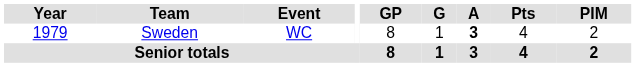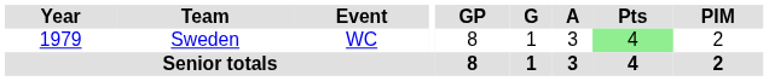 <table border="0" cellpadding="1" cellspacing="0" ID="Table3" style="text-align:center; width:40em">
 <tr bgcolor="#e0e0e0">
 <th>Year</th>
 <th>Team</th>
 <th>Event</th>
 <th rowspan="102" bgcolor="#ffffff"></th>
 <th>GP</th>
 <th>G</th>
 <th>A</th>
 <th>Pts</th>
 <th>PIM</th>
 </tr>
 <tr>
 <td><a href='#'>1979</a></td>
 <td><a href='#'>Sweden</a></td>
 <td><a href='#'>WC</a></td>
 <td>8</td>
 <td>1</td>
-<td><strong>3</strong></td>
-<td>4</td>
+<td>3</td>
+<td style="background: lightgreen;">4</td>
 <td>2</td>
 </tr>
 <tr bgcolor="#e0e0e0">
 <th colspan="4">Senior totals</th>
 <th>8</th>
 <th>1</th>
 <th>3</th>
 <th>4</th>
 <th>2</th>
 </tr>
 </table>
